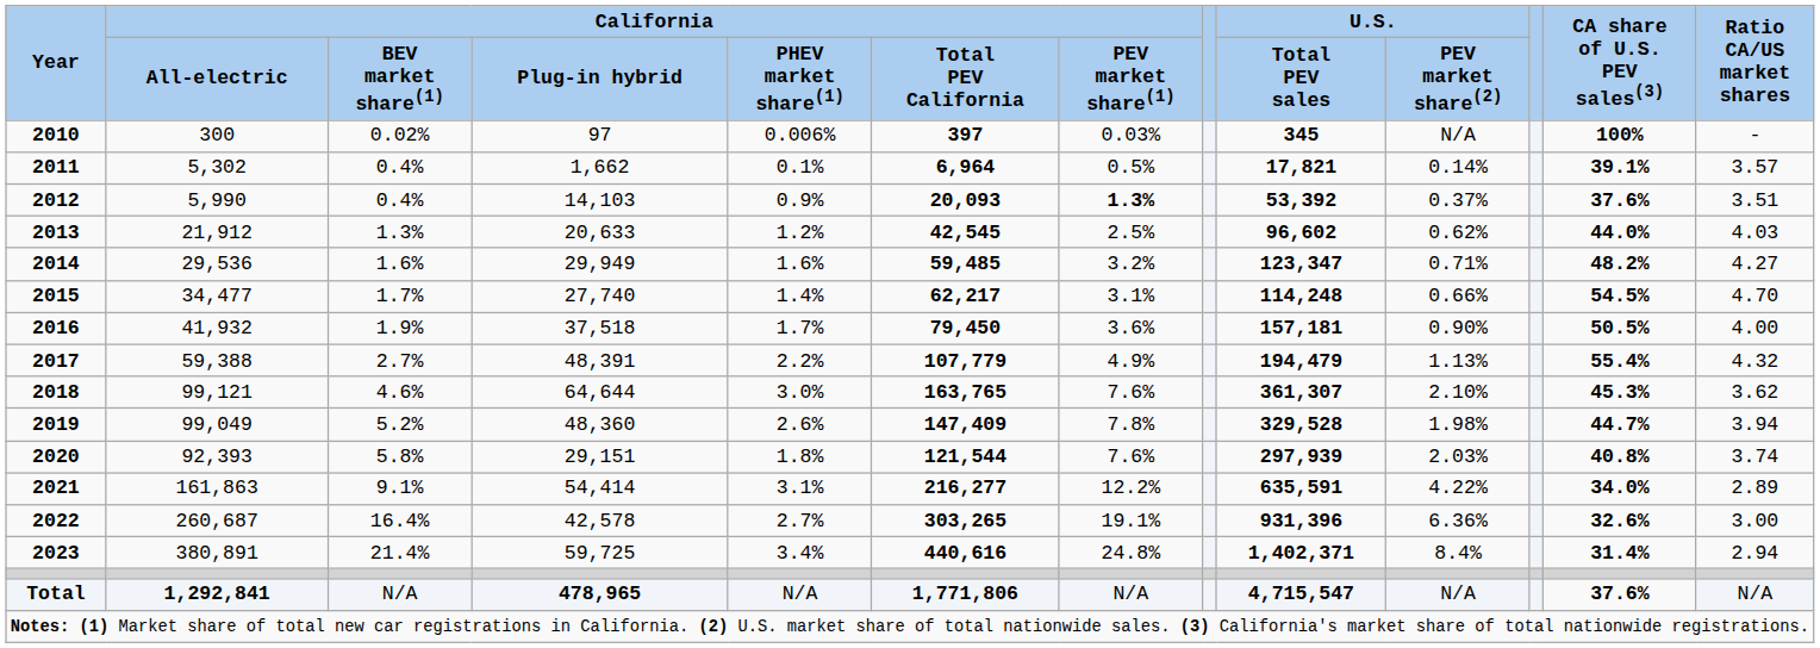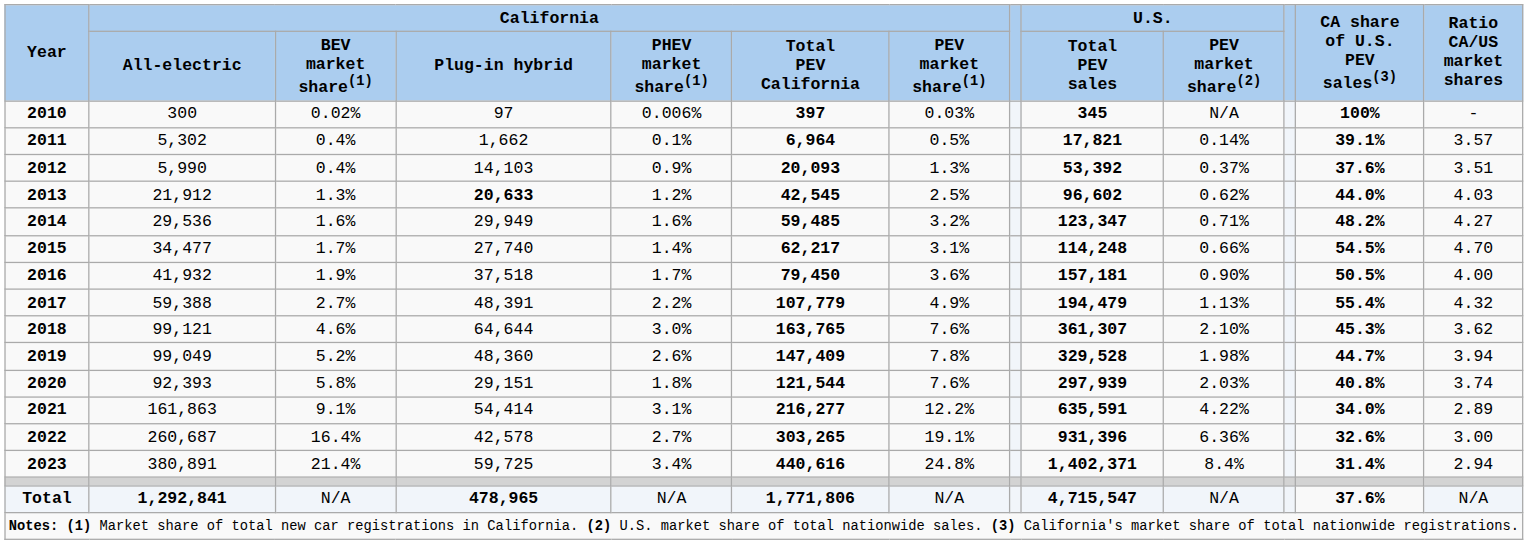 <table class=" wikitable" style="margin: 1em auto 1em auto">
 <tr>
 <th style="background: #ABCDEF;" rowspan="2">Year</th>
 <th style="background: #ABCDEF;" colspan="6">California</th>
 <th style="background: #ABCDEF;" rowspan="2"></th>
 <th style="background: #ABCDEF;" colspan="2">U.S.<br></th>
 <th style="background: #ABCDEF;" rowspan="2"></th>
 <th style="background: #ABCDEF;" rowspan="2">CA share<br>of U.S.<br>PEV<br>sales<sup>(3)</sup></th>
 <th style="background: #ABCDEF;" rowspan="2">Ratio<br>CA/US<br>market<br>shares</th>
 </tr>
 <tr -align="center">
 <th style="background:#ABCDEF;">All-electric</th>
 <th style="background:#ABCDEF;">BEV<br>market<br>share<sup>(1)</sup></th>
 <th style="background: #ABCDEF;">Plug-in hybrid</th>
 <th style="background: #ABCDEF;">PHEV<br>market<br>share<sup>(1)</sup></th>
 <th style="background: #ABCDEF;">Total<br>PEV<br>California</th>
 <th style="background: #ABCDEF;">PEV<br>market<br>share<sup>(1)</sup></th>
 <th style="background: #ABCDEF;">Total<br>PEV<br>sales</th>
 <th style="background: #ABCDEF;">PEV<br> market<br>share<sup>(2)</sup></th>
 </tr>
 <tr align="center">
 <td><strong>2010</strong></td>
 <td>300</td>
 <td>0.02%</td>
 <td>97</td>
 <td>0.006%</td>
 <td><strong>397</strong></td>
 <td>0.03%</td>
 <td bgcolor="#f1f5fa"></td>
 <td><strong>345</strong></td>
 <td>N/A</td>
 <td bgcolor="#f1f5fa"></td>
 <td><strong>100%</strong></td>
 <td>-</td>
 </tr>
 <tr align="center">
 <td><strong>2011</strong></td>
 <td>5,302</td>
 <td>0.4%</td>
 <td>1,662</td>
 <td>0.1%</td>
 <td><strong>6,964</strong></td>
 <td>0.5%</td>
 <td bgcolor="#f1f5fa"></td>
 <td><strong>17,821</strong></td>
 <td>0.14%</td>
 <td bgcolor="#f1f5fa"></td>
 <td><strong>39.1%</strong></td>
 <td>3.57</td>
 </tr>
 <tr align="center">
 <td><strong>2012</strong></td>
 <td>5,990</td>
 <td>0.4%</td>
 <td>14,103</td>
 <td>0.9%</td>
 <td><strong>20,093</strong></td>
-<td><strong>1.3%</strong></td>
+<td>1.3%</td>
 <td bgcolor="#f1f5fa"></td>
 <td><strong>53,392</strong></td>
 <td>0.37%</td>
 <td bgcolor="#f1f5fa"></td>
 <td><strong>37.6%</strong></td>
 <td>3.51</td>
 </tr>
 <tr align="center">
 <td><strong>2013</strong></td>
 <td>21,912</td>
 <td>1.3%</td>
-<td>20,633</td>
+<td><strong>20,633</strong></td>
 <td>1.2%</td>
 <td><strong>42,545</strong></td>
 <td>2.5%</td>
 <td bgcolor="#f1f5fa"></td>
 <td><strong>96,602</strong></td>
 <td>0.62%</td>
 <td bgcolor="#f1f5fa"></td>
 <td><strong>44.0%</strong></td>
 <td>4.03</td>
 </tr>
 <tr align="center">
 <td><strong>2014</strong></td>
 <td>29,536</td>
 <td>1.6%</td>
 <td>29,949</td>
 <td>1.6%</td>
 <td><strong>59,485</strong></td>
 <td>3.2%</td>
 <td bgcolor="#f1f5fa"></td>
 <td><strong>123,347</strong></td>
 <td>0.71%</td>
 <td bgcolor="#f1f5fa"></td>
 <td><strong>48.2%</strong></td>
 <td>4.27</td>
 </tr>
 <tr align="center">
 <td><strong>2015</strong></td>
 <td>34,477</td>
 <td>1.7%</td>
 <td>27,740</td>
 <td>1.4%</td>
 <td><strong>62,217</strong></td>
 <td>3.1%</td>
 <td bgcolor="#f1f5fa"></td>
 <td><strong>114,248</strong></td>
 <td>0.66%</td>
 <td bgcolor="#f1f5fa"></td>
 <td><strong>54.5%</strong></td>
 <td>4.70</td>
 </tr>
 <tr align="center">
 <td><strong>2016</strong></td>
 <td>41,932</td>
 <td>1.9%</td>
 <td>37,518</td>
 <td>1.7%</td>
 <td><strong>79,450</strong></td>
 <td>3.6%</td>
 <td bgcolor="#f1f5fa"></td>
 <td><strong>157,181 </strong></td>
 <td>0.90%</td>
 <td bgcolor="#f1f5fa"></td>
 <td><strong>50.5%</strong></td>
 <td>4.00</td>
 </tr>
 <tr align="center">
 <td><strong>2017</strong></td>
 <td>59,388</td>
 <td>2.7%</td>
 <td>48,391</td>
 <td>2.2%</td>
 <td><strong>107,779</strong></td>
 <td>4.9%</td>
 <td bgcolor="#f1f5fa"></td>
 <td><strong>194,479 </strong></td>
 <td>1.13%</td>
 <td bgcolor="#f1f5fa"></td>
 <td><strong>55.4%</strong></td>
 <td>4.32</td>
 </tr>
 <tr align="center">
 <td><strong>2018</strong></td>
 <td>99,121</td>
 <td>4.6%</td>
 <td>64,644</td>
 <td>3.0%</td>
 <td><strong>163,765</strong></td>
 <td>7.6%</td>
 <td bgcolor="#f1f5fa"></td>
 <td><strong>361,307 </strong></td>
 <td>2.10%</td>
 <td bgcolor="#f1f5fa"></td>
 <td><strong>45.3%</strong></td>
 <td>3.62</td>
 </tr>
 <tr align="center">
 <td><strong>2019</strong></td>
 <td>99,049</td>
 <td>5.2%</td>
 <td>48,360</td>
 <td>2.6%</td>
 <td><strong>147,409</strong></td>
 <td>7.8%</td>
 <td bgcolor="#f1f5fa"></td>
 <td><strong>329,528 </strong></td>
 <td>1.98%</td>
 <td bgcolor="#f1f5fa"></td>
 <td><strong>44.7%</strong></td>
 <td>3.94</td>
 </tr>
 <tr align="center">
 <td><strong>2020</strong></td>
 <td>92,393</td>
 <td>5.8%</td>
 <td>29,151</td>
 <td>1.8%</td>
 <td><strong>121,544</strong></td>
 <td>7.6%</td>
 <td bgcolor="#f1f5fa"></td>
 <td><strong>297,939 </strong></td>
 <td>2.03%</td>
 <td bgcolor="#f1f5fa"></td>
 <td><strong>40.8%</strong></td>
 <td>3.74</td>
 </tr>
 <tr align="center">
 <td><strong>2021</strong></td>
 <td>161,863</td>
 <td>9.1%</td>
 <td>54,414</td>
 <td>3.1%</td>
 <td><strong>216,277</strong></td>
 <td>12.2%</td>
 <td bgcolor="#f1f5fa"></td>
 <td><strong>635,591  </strong></td>
 <td>4.22%</td>
 <td bgcolor="#f1f5fa"></td>
 <td><strong>34.0%</strong></td>
 <td>2.89</td>
 </tr>
 <tr align="center">
 <td><strong>2022</strong></td>
 <td>260,687</td>
 <td>16.4%</td>
 <td>42,578</td>
 <td>2.7%</td>
 <td><strong>303,265</strong></td>
 <td>19.1%</td>
 <td bgcolor="#f1f5fa"></td>
 <td><strong>931,396</strong></td>
 <td>6.36%</td>
 <td bgcolor="#f1f5fa"></td>
 <td><strong>32.6%</strong></td>
 <td>3.00</td>
 </tr>
 <tr align="center">
 <td><strong>2023</strong></td>
 <td>380,891</td>
 <td>21.4%</td>
 <td>59,725</td>
 <td>3.4%</td>
 <td><strong>440,616</strong></td>
 <td>24.8%</td>
 <td bgcolor="#f1f5fa"></td>
 <td><strong>1,402,371</strong></td>
 <td>8.4%</td>
 <td bgcolor="#f1f5fa"></td>
 <td><strong>31.4%</strong></td>
 <td>2.94</td>
 </tr>
 <tr style="background:lightgrey;">
 <td></td>
 <td></td>
 <td></td>
 <td></td>
 <td></td>
 <td></td>
 <td></td>
 <td></td>
 <td></td>
 <td></td>
 <td></td>
 <td></td>
 <td></td>
 </tr>
 <tr align="center">
 <td bgcolor="#f1f5fa"><strong>Total</strong></td>
 <td bgcolor="#f1f5fa"><strong>1,292,841</strong></td>
 <td bgcolor="#f1f5fa">N/A</td>
 <td bgcolor="#f1f5fa"><strong>478,965</strong></td>
 <td bgcolor="#f1f5fa">N/A</td>
 <td bgcolor="#f1f5fa"><strong>1,771,806</strong></td>
 <td bgcolor="#f1f5fa">N/A</td>
 <td bgcolor="#f1f5fa"></td>
 <td bgcolor="#f1f5fa"><strong>4,715,547</strong></td>
 <td bgcolor="#f1f5fa">N/A</td>
 <td bgcolor="#f1f5fa"></td>
 <td><strong>37.6%</strong></td>
 <td bgcolor="#f1f5fa">N/A</td>
 </tr>
 <tr align="left">
 <td colspan="13"><small><strong>Notes:</strong> <strong>(1)</strong> Market share of total new car registrations in California. <strong>(2)</strong> U.S. market share of total nationwide sales. <strong>(3)</strong> California's market share of total nationwide registrations.</small></td>
 </tr>
 </table>
